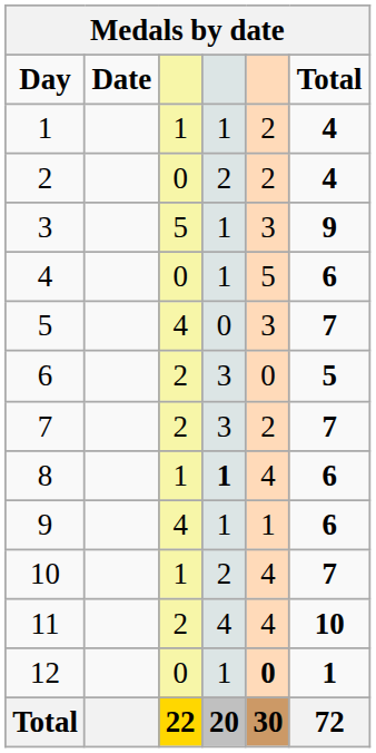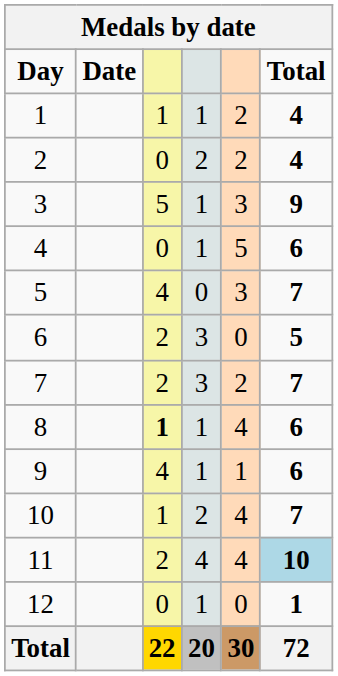 <table class="wikitable" style="font-size:95%">
 <tr style="background:#efefef;">
 <th colspan=6>Medals by date</th>
 </tr>
 <tr style="text-align:center;">
 <td><strong>Day</strong></td>
 <td><strong>Date</strong></td>
 <td style="background:#F7F6A8;"></td>
 <td style="background:#DCE5E5;"></td>
 <td style="background:#FFDAB9;"></td>
 <td><strong>Total</strong></td>
 </tr>
 <tr style="text-align:center;">
 <td>1</td>
 <td></td>
 <td style="background:#F7F6A8;">1</td>
 <td style="background:#DCE5E5;">1</td>
 <td style="background:#FFDAB9;">2</td>
 <td><strong>4</strong></td>
 </tr>
 <tr style="text-align:center;">
 <td>2</td>
 <td></td>
 <td style="background:#F7F6A8;">0</td>
 <td style="background:#DCE5E5;">2</td>
 <td style="background:#FFDAB9;">2</td>
 <td><strong>4</strong></td>
 </tr>
 <tr style="text-align:center;">
 <td>3</td>
 <td></td>
 <td style="background:#F7F6A8;">5</td>
 <td style="background:#DCE5E5;">1</td>
 <td style="background:#FFDAB9;">3</td>
 <td><strong>9</strong></td>
 </tr>
 <tr align=center>
 <td>4</td>
 <td></td>
 <td style="background:#F7F6A8;">0</td>
 <td style="background:#DCE5E5;">1</td>
 <td style="background:#FFDAB9;">5</td>
 <td><strong>6</strong></td>
 </tr>
 <tr align=center>
 <td>5</td>
 <td></td>
 <td style="background:#F7F6A8;">4</td>
 <td style="background:#DCE5E5;">0</td>
 <td style="background:#FFDAB9;">3</td>
 <td><strong>7</strong></td>
 </tr>
 <tr align=center>
 <td>6</td>
 <td></td>
 <td style="background:#F7F6A8;">2</td>
 <td style="background:#DCE5E5;">3</td>
 <td style="background:#FFDAB9;">0</td>
 <td><strong>5</strong></td>
 </tr>
 <tr align=center>
 <td>7</td>
 <td></td>
 <td style="background:#F7F6A8;">2</td>
 <td style="background:#DCE5E5;">3</td>
 <td style="background:#FFDAB9;">2</td>
 <td><strong>7</strong></td>
 </tr>
 <tr align=center>
 <td>8</td>
 <td></td>
-<td style="background:#F7F6A8;">1</td>
-<td style="background:#DCE5E5;"><strong>1</strong></td>
+<td style="background:#F7F6A8;"><strong>1</strong></td>
+<td style="background:#DCE5E5;">1</td>
 <td style="background:#FFDAB9;">4</td>
 <td><strong>6</strong></td>
 </tr>
 <tr align=center>
 <td>9</td>
 <td></td>
 <td style="background:#F7F6A8;">4</td>
 <td style="background:#DCE5E5;">1</td>
 <td style="background:#FFDAB9;">1</td>
 <td><strong>6</strong></td>
 </tr>
 <tr align=center>
 <td>10</td>
 <td></td>
 <td style="background:#F7F6A8;">1</td>
 <td style="background:#DCE5E5;">2</td>
 <td style="background:#FFDAB9;">4</td>
 <td><strong>7</strong></td>
 </tr>
 <tr align=center>
 <td>11</td>
 <td></td>
 <td style="background:#F7F6A8;">2</td>
 <td style="background:#DCE5E5;">4</td>
 <td style="background:#FFDAB9;">4</td>
-<td><strong>10</strong></td>
+<td style="background: lightblue;"><strong>10</strong></td>
 </tr>
 <tr align=center>
 <td>12</td>
 <td></td>
 <td style="background:#F7F6A8;">0</td>
 <td style="background:#DCE5E5;">1</td>
-<td style="background:#FFDAB9;"><strong>0</strong></td>
+<td style="background:#FFDAB9;">0</td>
 <td><strong>1</strong></td>
 </tr>
 <tr align=center>
 <th>Total</th>
 <th></th>
 <th style="background:gold;">22</th>
 <th style="background:silver;">20</th>
 <th style="background:#c96;">30</th>
 <th>72</th>
 </tr>
 </table>
